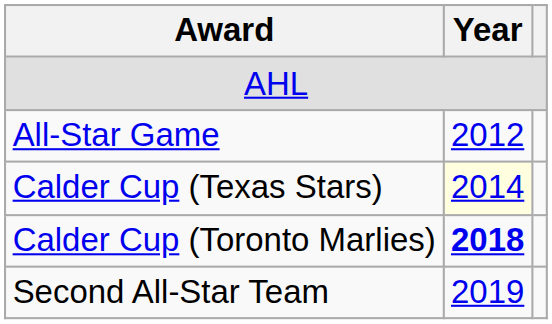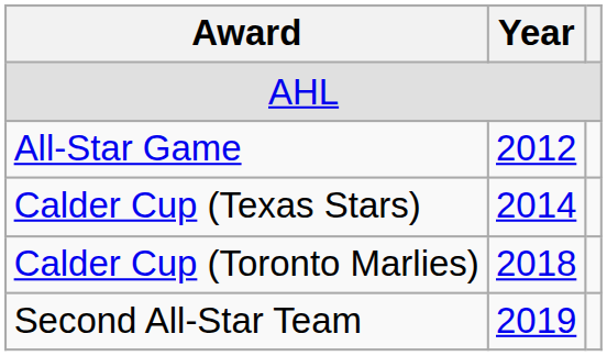 <table class="wikitable">
 <tr>
 <th>Award</th>
 <th>Year</th>
 <th></th>
 </tr>
 <tr ALIGN="center" bgcolor="#e0e0e0">
 <td colspan="3"><a href='#'>AHL</a></td>
 </tr>
 <tr>
 <td><a href='#'>All-Star Game</a></td>
 <td><a href='#'>2012</a></td>
 <td></td>
 </tr>
 <tr>
 <td><a href='#'>Calder Cup</a> (Texas Stars)</td>
-<td style="background: lightyellow;"><a href='#'>2014</a></td>
+<td><a href='#'>2014</a></td>
 <td></td>
 </tr>
 <tr>
 <td><a href='#'>Calder Cup</a> (Toronto Marlies)</td>
-<td><strong><a href='#'>2018</a></strong></td>
+<td><a href='#'>2018</a></td>
 <td></td>
 </tr>
 <tr>
 <td>Second All-Star Team</td>
 <td><a href='#'>2019</a></td>
 <td></td>
 </tr>
 </table>
